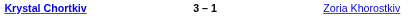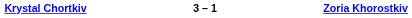 <table width=100% cellspacing=1>
 <tr>
 <th width=20%></th>
 <th width=20%></th>
 <th width=20%></th>
 <th></th>
 </tr>
 <tr style=font-size:90%>
 <td align=right><strong><a href='#'>Krystal Chortkiv</a></strong></td>
 <td align=center><strong>3 – 1</strong></td>
-<td><a href='#'>Zoria Khorostkiv</a></td>
+<td><strong><a href='#'>Zoria Khorostkiv</a></strong></td>
 <td></td>
 </tr>
 </table>
